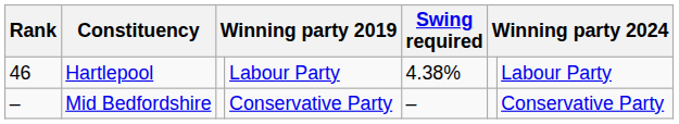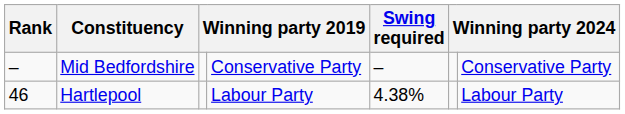 <table class="wikitable sortable">
 <tr>
 <th>Rank</th>
 <th>Constituency</th>
 <th colspan="2">Winning party 2019</th>
 <th><a href='#'>Swing</a> <br>required</th>
 <th colspan="2">Winning party 2024</th>
+</tr>
+<tr>
+<td>–</td>
+<td><a href='#'>Mid Bedfordshire</a></td>
+<td class="unsortable" style="background-color: "></td>
+<td><a href='#'>Conservative Party</a></td>
+<td>–</td>
+<td class="unsortable" style="background-color: "></td>
+<td><a href='#'>Conservative Party</a></td>
 </tr>
 <tr>
 <td>46</td>
 <td><a href='#'>Hartlepool</a></td>
 <td class="unsortable" style="background-color: "></td>
 <td><a href='#'>Labour Party</a></td>
 <td>4.38%</td>
 <td class="unsortable" style="background-color: "></td>
 <td><a href='#'>Labour Party</a></td>
 </tr>
-<tr>
-<td>–</td>
-<td><a href='#'>Mid Bedfordshire</a></td>
-<td class="unsortable" style="background-color: "></td>
-<td><a href='#'>Conservative Party</a></td>
-<td>–</td>
-<td class="unsortable" style="background-color: "></td>
-<td><a href='#'>Conservative Party</a></td>
-</tr>
 </table>
